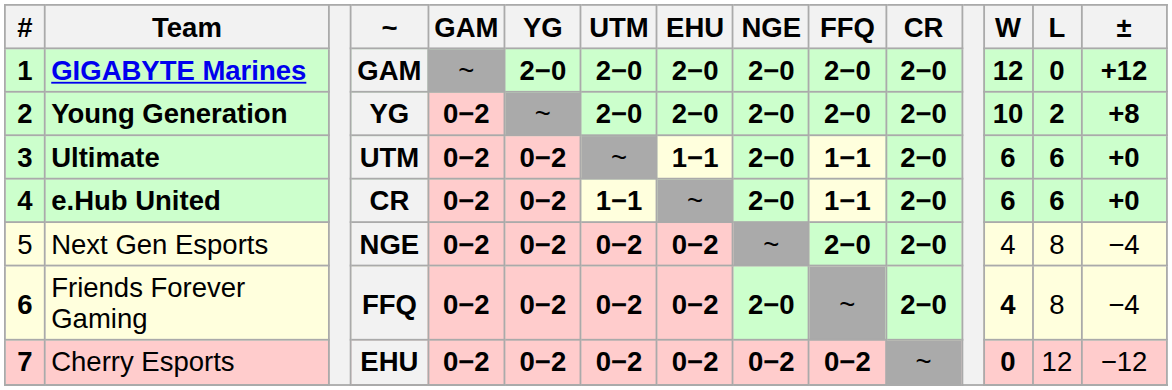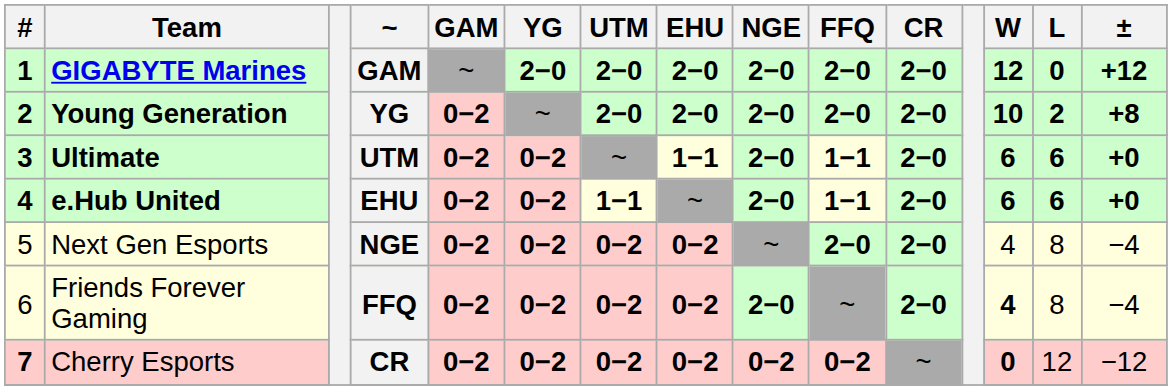 <table class="wikitable" style="font-size: 95%; text-align: center">
 <tr>
 <th style="width:15px;">#</th>
 <th style="width:150px;">Team</th>
 <th rowspan="11" style="width:5px;;"></th>
 <th>~</th>
 <th style="width:35px;" title="">GAM</th>
 <th style="width:35px;" title="">YG</th>
 <th style="width:35px;" title="">UTM</th>
 <th style="width:35px;" title="">EHU</th>
 <th style="width:35px;" title="">NGE</th>
 <th style="width:35px;" title="">FFQ</th>
 <th style="width:35px;" title="">CR</th>
 <th rowspan="11" style="width:5px;;"></th>
 <th style="width:20px;" title="Wins">W</th>
 <th style="width:20px;" title="Losses">L</th>
 <th style="width:40px;">±</th>
 </tr>
 <tr style="background:#cfc;">
 <td><strong>1</strong></td>
 <td style="text-align: left"><strong><a href='#'>GIGABYTE Marines</a></strong></td>
 <th>GAM</th>
 <td style="background:#aaa;">~</td>
 <td style="background:#cfc;"><strong>2−0</strong></td>
 <td style="background:#cfc;"><strong>2−0</strong></td>
 <td style="background:#cfc;"><strong>2−0</strong></td>
 <td style="background:#cfc;"><strong>2−0</strong></td>
 <td style="background:#cfc;"><strong>2−0</strong></td>
 <td style="background:#cfc;"><strong>2−0</strong></td>
 <td><strong>12</strong></td>
 <td><strong>0</strong></td>
 <td><strong>+12</strong></td>
 </tr>
 <tr style="background:#cfc;">
 <td><strong>2</strong></td>
 <td style="text-align: left"><strong>Young Generation</strong></td>
 <th>YG</th>
 <td style="background:#fcc;"><strong>0−2</strong></td>
 <td style="background:#aaa;">~</td>
 <td style="background:#cfc;"><strong>2−0</strong></td>
 <td style="background:#cfc;"><strong>2−0</strong></td>
 <td style="background:#cfc;"><strong>2−0</strong></td>
 <td style="background:#cfc;"><strong>2−0</strong></td>
 <td style="background:#cfc;"><strong>2−0</strong></td>
 <td><strong>10</strong></td>
 <td><strong>2</strong></td>
 <td><strong>+8</strong></td>
 </tr>
 <tr style="background:#cfc;">
 <td><strong>3</strong></td>
 <td style="text-align: left"><strong>Ultimate</strong></td>
 <th>UTM</th>
 <td style="background:#fcc;"><strong>0−2</strong></td>
 <td style="background:#fcc;"><strong>0−2</strong></td>
 <td style="background:#aaa;">~</td>
 <td style="background:#ffd;"><strong>1−1</strong></td>
 <td style="background:#cfc;"><strong>2−0</strong></td>
 <td style="background:#ffd;"><strong>1−1</strong></td>
 <td style="background:#cfc;"><strong>2−0</strong></td>
 <td><strong>6</strong></td>
 <td><strong>6</strong></td>
 <td><strong>+0</strong></td>
 </tr>
 <tr style="background:#cfc;">
 <td><strong>4</strong></td>
 <td style="text-align: left"><strong>⁠e.Hub United</strong></td>
-<th>CR</th>
+<th>EHU</th>
 <td style="background:#fcc;"><strong>0−2</strong></td>
 <td style="background:#fcc;"><strong>0−2</strong></td>
 <td style="background:#ffd;"><strong>1−1</strong></td>
 <td style="background:#aaa;">~</td>
 <td style="background:#cfc;"><strong>2−0</strong></td>
 <td style="background:#ffd;"><strong>1−1</strong></td>
 <td style="background:#cfc;"><strong>2−0</strong></td>
 <td><strong>6</strong></td>
 <td><strong>6</strong></td>
 <td><strong>+0</strong></td>
 </tr>
 <tr style="background:#ffd;">
 <td>5</td>
 <td style="text-align: left">Next Gen Esports</td>
 <th>NGE</th>
 <td style="background:#fcc;"><strong>0−2</strong></td>
 <td style="background:#fcc;"><strong>0−2</strong></td>
 <td style="background:#fcc;"><strong>0−2</strong></td>
 <td style="background:#fcc;"><strong>0−2</strong></td>
 <td style="background:#aaa;">~</td>
 <td style="background:#cfc;"><strong>2−0</strong></td>
 <td style="background:#cfc;"><strong>2−0</strong></td>
 <td>4</td>
 <td>8</td>
 <td>−4</td>
 </tr>
 <tr style="background:#ffd;">
-<td><strong>6</strong></td>
+<td>6</td>
 <td style="text-align: left">Friends Forever Gaming</td>
 <th>FFQ</th>
 <td style="background:#fcc;"><strong>0−2</strong></td>
 <td style="background:#fcc;"><strong>0−2</strong></td>
 <td style="background:#fcc;"><strong>0−2</strong></td>
 <td style="background:#fcc;"><strong>0−2</strong></td>
 <td style="background:#cfc;"><strong>2−0</strong></td>
 <td style="background:#aaa;">~</td>
 <td style="background:#cfc;"><strong>2−0</strong></td>
 <td><strong>4</strong></td>
 <td>8</td>
 <td>−4</td>
 </tr>
 <tr style="background:#fcc;">
 <td><strong>7</strong></td>
 <td style="text-align: left">Cherry Esports</td>
-<th>EHU</th>
+<th>CR</th>
 <td style="background:#fcc;"><strong>0−2</strong></td>
 <td style="background:#fcc;"><strong>0−2</strong></td>
 <td style="background:#fcc;"><strong>0−2</strong></td>
 <td style="background:#fcc;"><strong>0−2</strong></td>
 <td style="background:#fcc;"><strong>0−2</strong></td>
 <td style="background:#fcc;"><strong>0−2</strong></td>
 <td style="background:#aaa;">~</td>
 <td><strong>0</strong></td>
 <td>12</td>
 <td>−12</td>
 </tr>
 <tr>
 </tr>
 </table>
